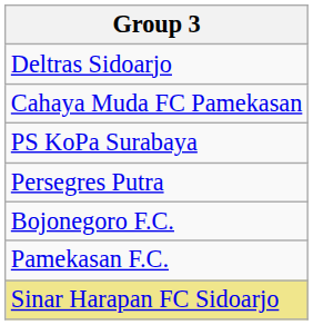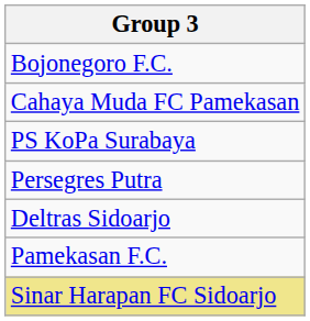 <table class="wikitable">
 <tr>
 <th><strong>Group 3</strong></th>
 </tr>
 <tr>
-<td><a href='#'>Deltras Sidoarjo</a></td>
+<td><a href='#'>Bojonegoro F.C.</a></td>
 </tr>
 <tr>
 <td><a href='#'>Cahaya Muda FC Pamekasan</a></td>
 </tr>
 <tr>
 <td><a href='#'>PS KoPa Surabaya</a></td>
 </tr>
 <tr>
 <td><a href='#'>Persegres Putra</a></td>
 </tr>
 <tr>
-<td><a href='#'>Bojonegoro F.C.</a></td>
+<td><a href='#'>Deltras Sidoarjo</a></td>
 </tr>
 <tr>
 <td><a href='#'>Pamekasan F.C.</a></td>
 </tr>
 <tr>
 <td style="background: khaki;"><a href='#'>Sinar Harapan FC Sidoarjo</a></td>
 </tr>
 </table>
